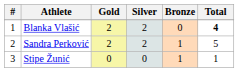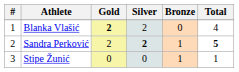 <table class=wikitable style="border:1px solid #AAAAAA">
 <tr bgcolor="#EFEFEF">
 <th width=20>#</th>
 <th>Athlete</th>
 <th width=50>Gold</th>
 <th width=50>Silver</th>
 <th width=50>Bronze</th>
 <th width=50>Total</th>
 </tr>
 <tr>
 </tr>
 <tr align="center" bgcolor="#FFFFFF">
 <td>1</td>
 <td align="left"><a href='#'>Blanka Vlašić</a></td>
-<td style="background:#F7F6A8;">2</td>
+<td style="background:#F7F6A8;"><strong>2</strong></td>
 <td style="background:#DCE5E5;">2</td>
 <td style="background:#FFDAB9;">0</td>
-<td><strong>4</strong></td>
+<td>4</td>
 </tr>
 <tr align="center" bgcolor="#FFFFFF">
 <td>2</td>
 <td align="left"><a href='#'>Sandra Perković</a></td>
 <td style="background:#F7F6A8;">2</td>
-<td style="background:#DCE5E5;">2</td>
+<td style="background:#DCE5E5;"><strong>2</strong></td>
 <td style="background:#FFDAB9;">1</td>
-<td>5</td>
+<td><strong>5</strong></td>
 </tr>
 <tr align="center" bgcolor="#FFFFFF">
 <td>3</td>
 <td align="left"><a href='#'>Stipe Žunić</a></td>
 <td style="background:#F7F6A8;">0</td>
 <td style="background:#DCE5E5;">0</td>
 <td style="background:#FFDAB9;">1</td>
 <td>1</td>
 </tr>
 </table>
